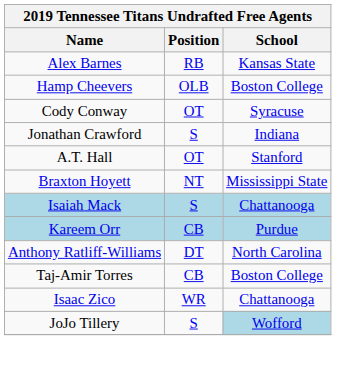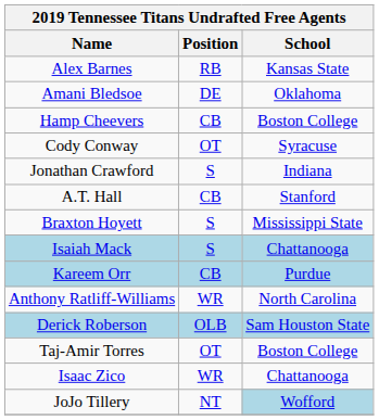 <table class="wikitable">
 <tr>
 <th colspan=3>2019 Tennessee Titans Undrafted Free Agents</th>
 </tr>
 <tr>
 <th>Name</th>
 <th>Position</th>
 <th>School</th>
 </tr>
 <tr align="center">
 <td><a href='#'>Alex Barnes</a></td>
 <td><a href='#'>RB</a></td>
 <td><a href='#'>Kansas State</a></td>
 </tr>
 <tr align="center">
+<td><a href='#'>Amani Bledsoe</a></td>
+<td><a href='#'>DE</a></td>
+<td><a href='#'>Oklahoma</a></td>
+</tr>
+<tr align="center">
 <td><a href='#'>Hamp Cheevers</a></td>
-<td><a href='#'>OLB</a></td>
+<td><a href='#'>CB</a></td>
 <td><a href='#'>Boston College</a></td>
 </tr>
 <tr align="center">
 <td>Cody Conway</td>
 <td><a href='#'>OT</a></td>
 <td><a href='#'>Syracuse</a></td>
 </tr>
 <tr align="center">
 <td>Jonathan Crawford</td>
 <td><a href='#'>S</a></td>
 <td><a href='#'>Indiana</a></td>
 </tr>
 <tr align="center">
 <td>A.T. Hall</td>
-<td><a href='#'>OT</a></td>
+<td><a href='#'>CB</a></td>
 <td><a href='#'>Stanford</a></td>
 </tr>
 <tr align="center">
 <td><a href='#'>Braxton Hoyett</a></td>
-<td><a href='#'>NT</a></td>
+<td><a href='#'>S</a></td>
 <td><a href='#'>Mississippi State</a></td>
 </tr>
 <tr align="center" | style="background:#ADD8E6">
 <td><a href='#'>Isaiah Mack</a></td>
 <td><a href='#'>S</a></td>
 <td><a href='#'>Chattanooga</a></td>
 </tr>
 <tr align="center" | style="background:#ADD8E6">
 <td><a href='#'>Kareem Orr</a></td>
 <td><a href='#'>CB</a></td>
 <td><a href='#'>Purdue</a></td>
 </tr>
 <tr align="center">
 <td><a href='#'>Anthony Ratliff-Williams</a></td>
-<td><a href='#'>DT</a></td>
+<td><a href='#'>WR</a></td>
 <td><a href='#'>North Carolina</a></td>
+</tr>
+<tr align="center" | style="background:#ADD8E6">
+<td><a href='#'>Derick Roberson</a></td>
+<td><a href='#'>OLB</a></td>
+<td><a href='#'>Sam Houston State</a></td>
 </tr>
 <tr align="center">
 <td>Taj-Amir Torres</td>
-<td><a href='#'>CB</a></td>
+<td><a href='#'>OT</a></td>
 <td><a href='#'>Boston College</a></td>
 </tr>
 <tr align="center">
 <td><a href='#'>Isaac Zico</a></td>
 <td><a href='#'>WR</a></td>
 <td><a href='#'>Chattanooga</a></td>
 </tr>
 <tr align="center">
 <td>JoJo Tillery</td>
-<td><a href='#'>S</a></td>
+<td><a href='#'>NT</a></td>
 <td style="background: lightblue;"><a href='#'>Wofford</a></td>
 </tr>
 <tr>
 </tr>
 </table>
